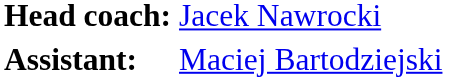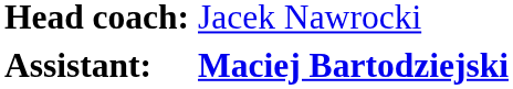 <table>
 <tr>
 <td><strong>Head coach:</strong></td>
 <td><a href='#'>Jacek Nawrocki</a></td>
 </tr>
 <tr>
 <td><strong>Assistant:</strong></td>
-<td><a href='#'>Maciej Bartodziejski</a></td>
+<td><strong><a href='#'>Maciej Bartodziejski</a></strong></td>
 </tr>
 </table>
